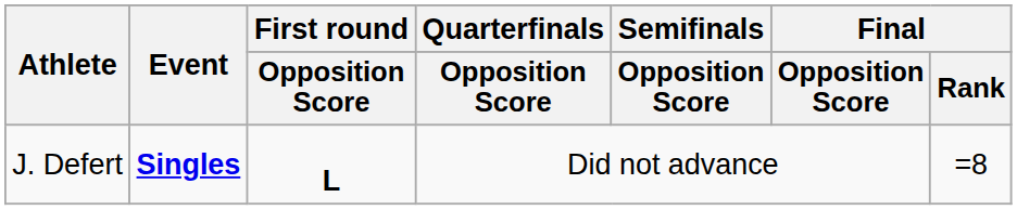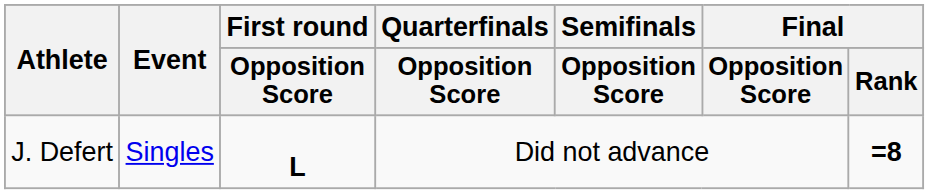 <table class=wikitable style=font-size:90%;text-align:center>
 <tr>
 <th rowspan=2>Athlete</th>
 <th rowspan=2>Event</th>
 <th>First round</th>
 <th>Quarterfinals</th>
 <th>Semifinals</th>
 <th colspan=2>Final</th>
 </tr>
 <tr style=font-size:95%>
 <th>Opposition<br>Score</th>
 <th>Opposition<br>Score</th>
 <th>Opposition<br>Score</th>
 <th>Opposition<br>Score</th>
 <th>Rank</th>
 </tr>
 <tr>
 <td align=left>J. Defert</td>
-<td align=left><strong><a href='#'>Singles</a></strong></td>
+<td align=left><a href='#'>Singles</a></td>
 <td><br><strong>L</strong></td>
 <td colspan=3>Did not advance</td>
-<td>=8</td>
+<td><strong>=8</strong></td>
 </tr>
 </table>
